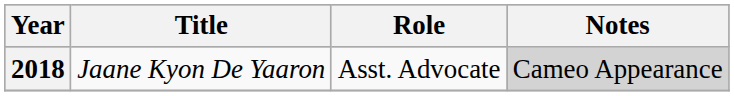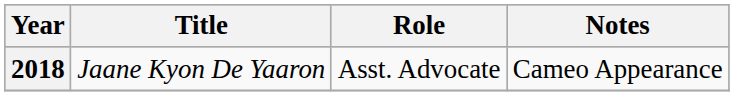 <table class="wikitable plainrowheaders sortable">
 <tr>
 <th scope="col">Year</th>
 <th scope="col">Title</th>
 <th scope="col">Role</th>
 <th scope="col">Notes</th>
 </tr>
 <tr>
 <th scope="row">2018</th>
 <td><em>Jaane Kyon De Yaaron</em></td>
 <td>Asst. Advocate</td>
-<td style="background: lightgrey;">Cameo Appearance</td>
+<td>Cameo Appearance</td>
 </tr>
 <tr>
 </tr>
 </table>
